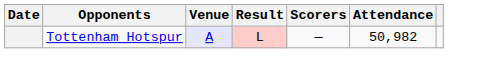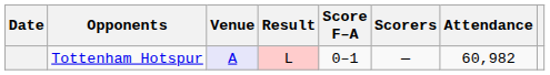 <table class="wikitable plainrowheaders sortable" style="text-align:center">
 <tr>
 <th scope="col">Date</th>
 <th scope="col">Opponents</th>
 <th scope="col">Venue</th>
 <th scope="col">Result</th>
+<th scope="col">Score<br>F–A</th>
 <th scope="col" class="unsortable">Scorers</th>
 <th scope="col">Attendance</th>
 <th scope="col" class="unsortable"></th>
 </tr>
 <tr>
 <th scope="row"></th>
 <td align="left"><a href='#'>Tottenham Hotspur</a></td>
 <td style="background: lavender;"><a href='#'>A</a></td>
 <td bgcolor="#FFCCCC">L</td>
+<td>0–1</td>
 <td>—</td>
-<td>50,982</td>
+<td>60,982</td>
 <td></td>
 </tr>
 </table>
